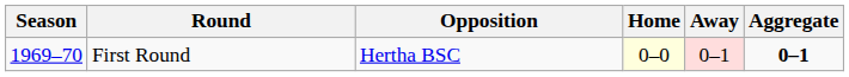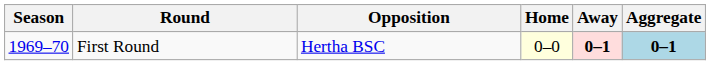 <table class="wikitable">
 <tr>
 <th>Season</th>
 <th width=200>Round</th>
 <th width=200>Opposition</th>
 <th>Home</th>
 <th>Away</th>
 <th>Aggregate</th>
 </tr>
 <tr>
 <td rowspan='3'><a href='#'>1969–70</a></td>
 <td>First Round</td>
 <td> <a href='#'>Hertha BSC</a></td>
 <td style="text-align:center; background:#ffd;">0–0</td>
-<td style="text-align:center; background:#fdd;">0–1</td>
-<td style="text-align:center;"><strong>0–1</strong></td>
+<td style="text-align:center; background:#fdd;"><strong>0–1</strong></td>
+<td style="background: lightblue; text-align:center;"><strong>0–1</strong></td>
 </tr>
 </table>
